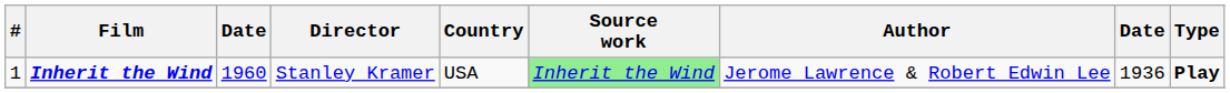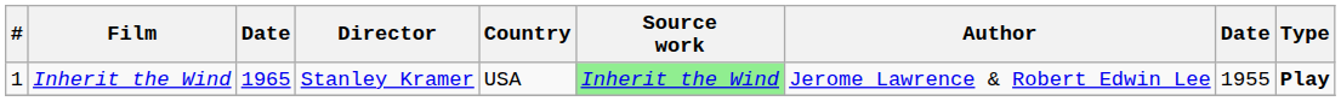 <table class="wikitable">
 <tr>
 <th>#</th>
 <th>Film</th>
 <th>Date</th>
 <th>Director</th>
 <th>Country</th>
 <th>Source<br>work</th>
 <th>Author</th>
 <th>Date</th>
 <th>Type</th>
 </tr>
 <tr>
 <td>1</td>
-<td><strong><em><a href='#'>Inherit the Wind</a></em></strong></td>
-<td><a href='#'>1960</a></td>
+<td><em><a href='#'>Inherit the Wind</a></em></td>
+<td><a href='#'>1965</a></td>
 <td><a href='#'>Stanley Kramer</a></td>
 <td>USA</td>
 <td style="background: lightgreen;"><em><a href='#'>Inherit the Wind</a></em></td>
 <td><a href='#'>Jerome Lawrence</a> & <a href='#'>Robert Edwin Lee</a></td>
-<td>1936</td>
+<td>1955</td>
 <td><strong>Play</strong></td>
 </tr>
 <tr>
 </tr>
 </table>
